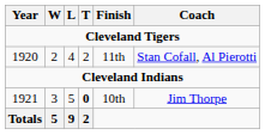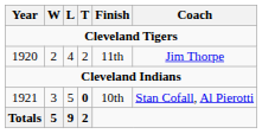 <table class="wikitable" style="text-align:center">
 <tr>
 <th>Year</th>
 <th>W</th>
 <th>L</th>
 <th>T</th>
 <th>Finish</th>
 <th>Coach</th>
 </tr>
 <tr>
 <td colspan="7" align="center"><strong>Cleveland Tigers</strong></td>
 </tr>
 <tr>
 <td>1920</td>
 <td>2</td>
 <td>4</td>
 <td>2</td>
 <td>11th</td>
-<td><a href='#'>Stan Cofall</a>, <a href='#'>Al Pierotti</a></td>
+<td><a href='#'>Jim Thorpe</a></td>
 </tr>
 <tr>
 <td colspan="7" align="center"><strong>Cleveland Indians</strong></td>
 </tr>
 <tr>
 <td>1921</td>
 <td>3</td>
 <td>5</td>
 <td><strong>0</strong></td>
 <td>10th</td>
-<td><a href='#'>Jim Thorpe</a></td>
+<td><a href='#'>Stan Cofall</a>, <a href='#'>Al Pierotti</a></td>
 </tr>
 <tr>
 <th>Totals</th>
 <th>5</th>
 <th>9</th>
 <th>2</th>
 <td colspan="2"></td>
 </tr>
 </table>
